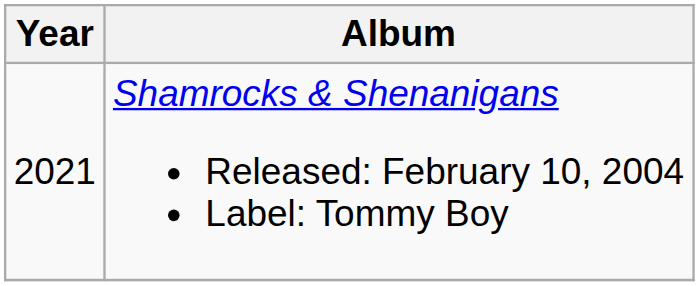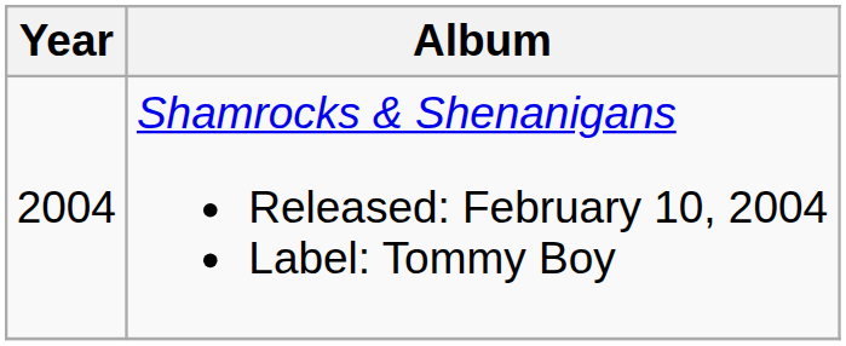 <table class="wikitable" style="text-align:center;">
 <tr>
 <th>Year</th>
 <th>Album</th>
 </tr>
 <tr>
-<td>2021</td>
+<td>2004</td>
 <td align="left"><em><a href='#'>Shamrocks & Shenanigans</a></em><br><ul><li>Released: February 10, 2004</li><li>Label: Tommy Boy</li></ul></td>
 </tr>
 <tr>
 </tr>
 </table>
